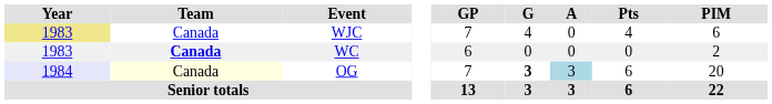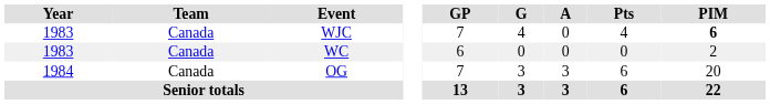 <table border="0" cellpadding="1" cellspacing="0" style="text-align:center; width:50em">
 <tr ALIGN="center" bgcolor="#e0e0e0">
 <th>Year</th>
 <th>Team</th>
 <th>Event</th>
 <th rowspan="99" bgcolor="#ffffff"> </th>
 <th>GP</th>
 <th>G</th>
 <th>A</th>
 <th>Pts</th>
 <th>PIM</th>
 </tr>
 <tr>
-<td style="background: khaki;"><a href='#'>1983</a></td>
+<td><a href='#'>1983</a></td>
 <td><a href='#'>Canada</a></td>
 <td><a href='#'>WJC</a></td>
 <td>7</td>
 <td>4</td>
 <td>0</td>
 <td>4</td>
-<td>6</td>
+<td><strong>6</strong></td>
 </tr>
 <tr bgcolor="#f0f0f0">
 <td><a href='#'>1983</a></td>
-<td><strong><a href='#'>Canada</a></strong></td>
+<td><a href='#'>Canada</a></td>
 <td><a href='#'>WC</a></td>
 <td>6</td>
 <td>0</td>
 <td>0</td>
 <td>0</td>
 <td>2</td>
 </tr>
 <tr>
-<td style="background: lavender;"><a href='#'>1984</a></td>
-<td style="background: lightyellow;">Canada</td>
+<td><a href='#'>1984</a></td>
+<td>Canada</td>
 <td><a href='#'>OG</a></td>
 <td>7</td>
-<td><strong>3</strong></td>
-<td style="background: lightblue;">3</td>
+<td>3</td>
+<td>3</td>
 <td>6</td>
 <td>20</td>
 </tr>
 <tr bgcolor="#e0e0e0">
 <th colspan="3">Senior totals</th>
 <th>13</th>
 <th>3</th>
 <th>3</th>
 <th>6</th>
 <th>22</th>
 </tr>
 </table>
